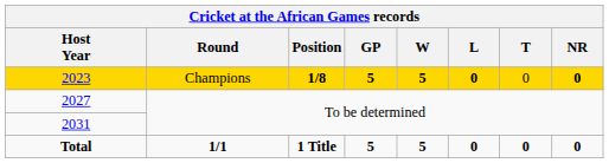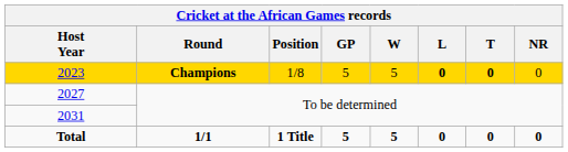 <table class="wikitable" style="text-align: center; width=900px;">
 <tr>
 <th colspan=9><a href='#'>Cricket at the African Games</a> records</th>
 </tr>
 <tr>
 <th width=150>Host<br>Year</th>
 <th width=150>Round</th>
 <th width=50>Position</th>
 <th width=50>GP</th>
 <th width=50>W</th>
 <th width=50>L</th>
 <th width=50>T</th>
 <th width=50>NR</th>
 </tr>
 <tr bgcolor=gold>
 <td> <a href='#'>2023</a></td>
-<td>Champions</td>
-<td><strong>1/8</strong></td>
-<td><strong>5</strong></td>
-<td><strong>5</strong></td>
+<td><strong>Champions</strong></td>
+<td>1/8</td>
+<td>5</td>
+<td>5</td>
+<td><strong>0</strong></td>
 <td><strong>0</strong></td>
 <td>0</td>
-<td><strong>0</strong></td>
 </tr>
 <tr>
 <td> <a href='#'>2027</a></td>
 <td colspan=8 rowspan=2>To be determined</td>
 </tr>
 <tr>
 <td> <a href='#'>2031</a></td>
 </tr>
 <tr>
 <td><strong>Total</strong></td>
 <td><strong>1/1</strong></td>
 <td><strong>1 Title</strong></td>
 <td><strong>5</strong></td>
 <td><strong>5</strong></td>
 <td><strong>0</strong></td>
 <td><strong>0</strong></td>
 <td><strong>0</strong></td>
 </tr>
 </table>
